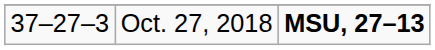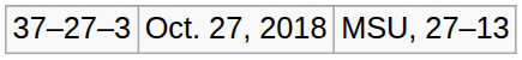 <table class="wikitable">
 <tr align="center">
 </tr>
 <tr align="center">
 <td>37–27–3</td>
 <td>Oct. 27, 2018</td>
-<td><strong>MSU, 27–13</strong></td>
+<td>MSU, 27–13</td>
 </tr>
 </table>
